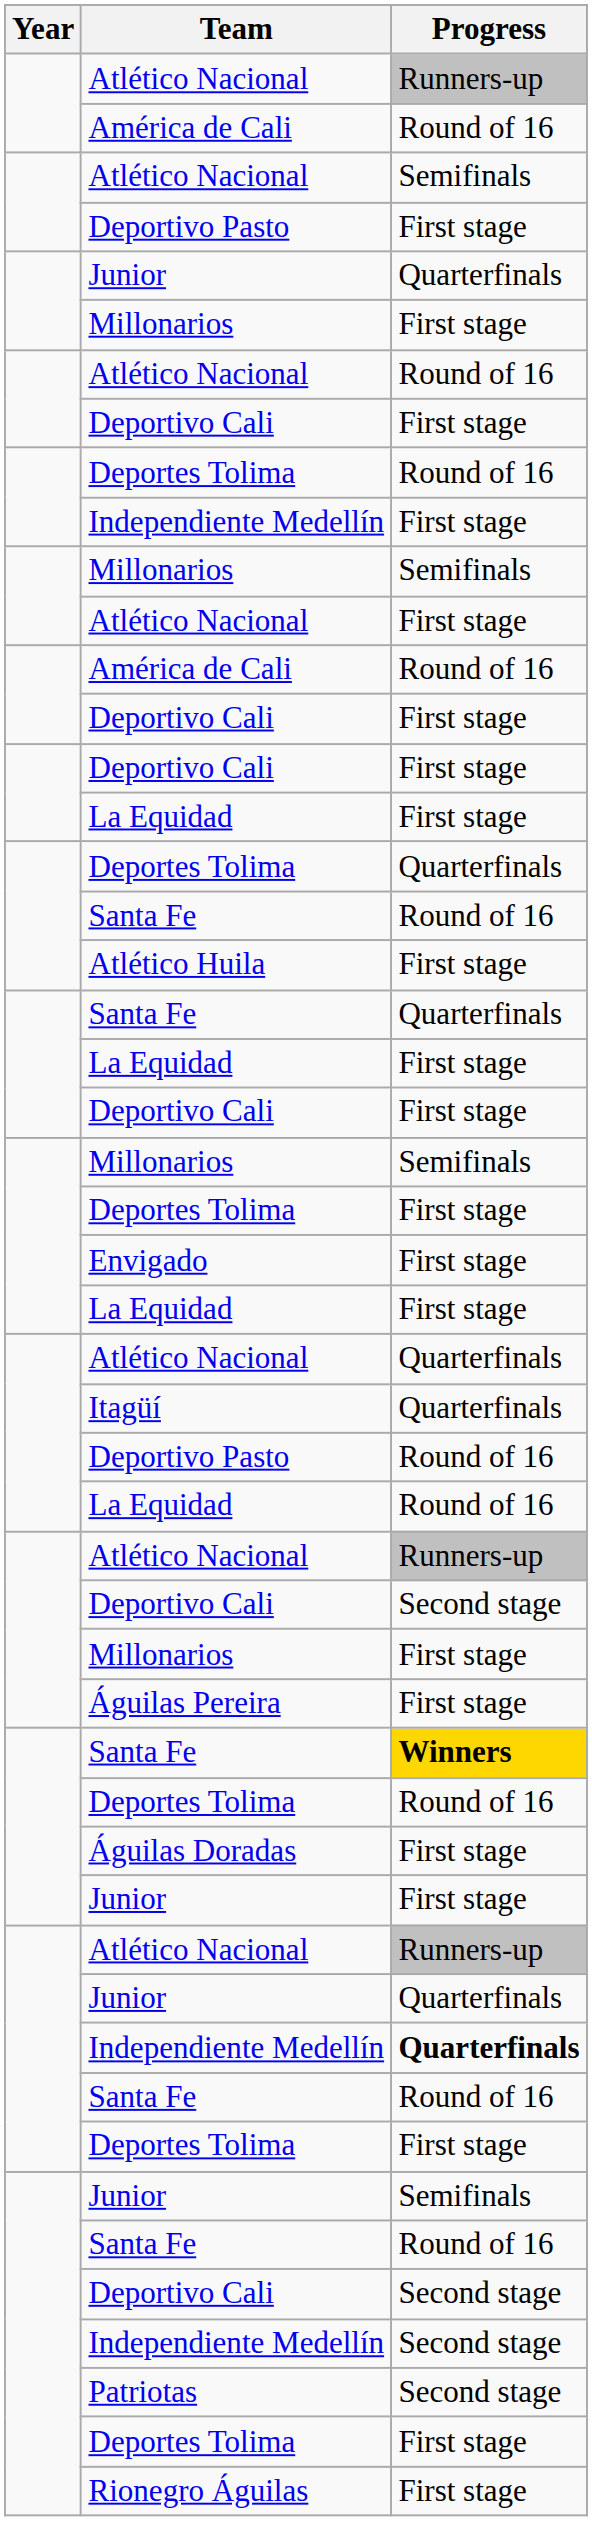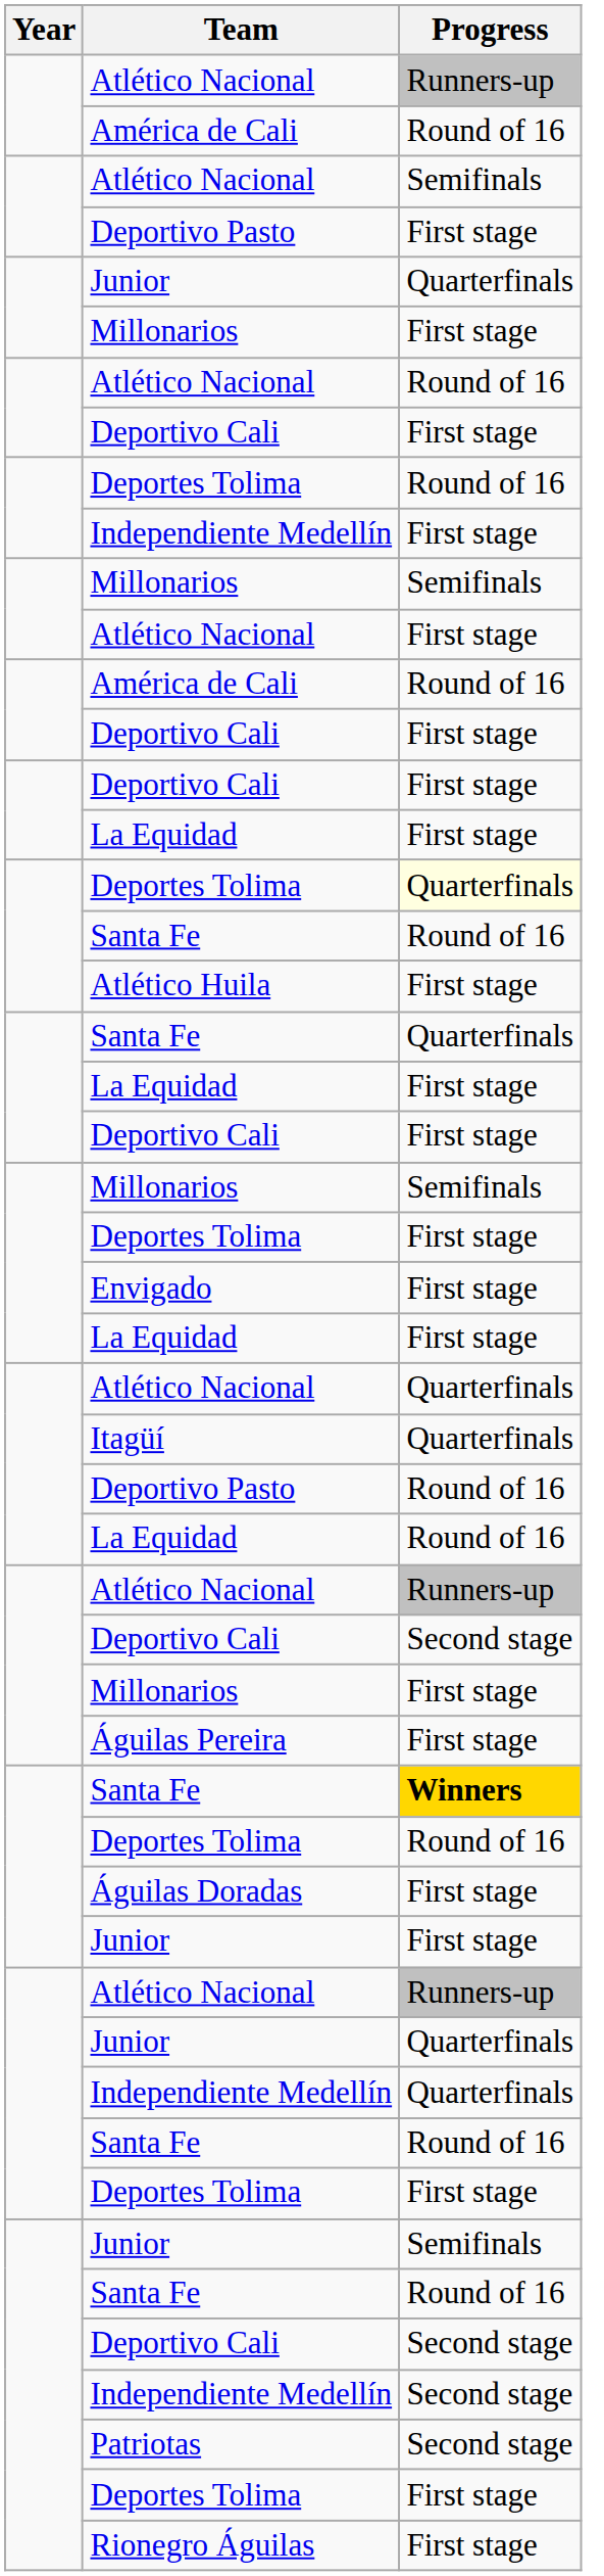 <table class="wikitable">
 <tr>
 <th>Year</th>
 <th>Team</th>
 <th>Progress</th>
 </tr>
 <tr align=left>
 <td rowspan=2></td>
 <td><a href='#'>Atlético Nacional</a></td>
 <td bgcolor="Silver">Runners-up</td>
 </tr>
 <tr align=left>
 <td><a href='#'>América de Cali</a></td>
 <td>Round of 16</td>
 </tr>
 <tr align=left>
 <td rowspan=2></td>
 <td><a href='#'>Atlético Nacional</a></td>
 <td>Semifinals</td>
 </tr>
 <tr align=left>
 <td><a href='#'>Deportivo Pasto</a></td>
 <td>First stage</td>
 </tr>
 <tr align=left>
 <td rowspan=2></td>
 <td><a href='#'>Junior</a></td>
 <td>Quarterfinals</td>
 </tr>
 <tr align=left>
 <td><a href='#'>Millonarios</a></td>
 <td>First stage</td>
 </tr>
 <tr align=left>
 <td rowspan=2></td>
 <td><a href='#'>Atlético Nacional</a></td>
 <td>Round of 16</td>
 </tr>
 <tr align=left>
 <td><a href='#'>Deportivo Cali</a></td>
 <td>First stage</td>
 </tr>
 <tr align=left>
 <td rowspan=2></td>
 <td><a href='#'>Deportes Tolima</a></td>
 <td>Round of 16</td>
 </tr>
 <tr align=left>
 <td><a href='#'>Independiente Medellín</a></td>
 <td>First stage</td>
 </tr>
 <tr align=left>
 <td rowspan=2></td>
 <td><a href='#'>Millonarios</a></td>
 <td>Semifinals</td>
 </tr>
 <tr align=left>
 <td><a href='#'>Atlético Nacional</a></td>
 <td>First stage</td>
 </tr>
 <tr align=left>
 <td rowspan=2></td>
 <td><a href='#'>América de Cali</a></td>
 <td>Round of 16</td>
 </tr>
 <tr align=left>
 <td><a href='#'>Deportivo Cali</a></td>
 <td>First stage</td>
 </tr>
 <tr align=left>
 <td rowspan=2></td>
 <td><a href='#'>Deportivo Cali</a></td>
 <td>First stage</td>
 </tr>
 <tr align=left>
 <td><a href='#'>La Equidad</a></td>
 <td>First stage</td>
 </tr>
 <tr align=left>
 <td rowspan=3></td>
 <td><a href='#'>Deportes Tolima</a></td>
-<td>Quarterfinals</td>
+<td style="background: lightyellow;">Quarterfinals</td>
 </tr>
 <tr align=left>
 <td><a href='#'>Santa Fe</a></td>
 <td>Round of 16</td>
 </tr>
 <tr align=left>
 <td><a href='#'>Atlético Huila</a></td>
 <td>First stage</td>
 </tr>
 <tr align=left>
 <td rowspan=3></td>
 <td><a href='#'>Santa Fe</a></td>
 <td>Quarterfinals</td>
 </tr>
 <tr align=left>
 <td><a href='#'>La Equidad</a></td>
 <td>First stage</td>
 </tr>
 <tr align=left>
 <td><a href='#'>Deportivo Cali</a></td>
 <td>First stage</td>
 </tr>
 <tr align=left>
 <td rowspan=4></td>
 <td><a href='#'>Millonarios</a></td>
 <td>Semifinals</td>
 </tr>
 <tr align=left>
 <td><a href='#'>Deportes Tolima</a></td>
 <td>First stage</td>
 </tr>
 <tr align=left>
 <td><a href='#'>Envigado</a></td>
 <td>First stage</td>
 </tr>
 <tr align=left>
 <td><a href='#'>La Equidad</a></td>
 <td>First stage</td>
 </tr>
 <tr align=left>
 <td rowspan=4></td>
 <td><a href='#'>Atlético Nacional</a></td>
 <td>Quarterfinals</td>
 </tr>
 <tr align=left>
 <td><a href='#'>Itagüí</a></td>
 <td>Quarterfinals</td>
 </tr>
 <tr align=left>
 <td><a href='#'>Deportivo Pasto</a></td>
 <td>Round of 16</td>
 </tr>
 <tr align=left>
 <td><a href='#'>La Equidad</a></td>
 <td>Round of 16</td>
 </tr>
 <tr align=left>
 <td rowspan=4></td>
 <td><a href='#'>Atlético Nacional</a></td>
 <td bgcolor="Silver">Runners-up</td>
 </tr>
 <tr align=left>
 <td><a href='#'>Deportivo Cali</a></td>
 <td>Second stage</td>
 </tr>
 <tr align=left>
 <td><a href='#'>Millonarios</a></td>
 <td>First stage</td>
 </tr>
 <tr align=left>
 <td><a href='#'>Águilas Pereira</a></td>
 <td>First stage</td>
 </tr>
 <tr align=left>
 <td rowspan=4></td>
 <td><a href='#'>Santa Fe</a></td>
 <td bgcolor="gold"><strong>Winners</strong></td>
 </tr>
 <tr align=left>
 <td><a href='#'>Deportes Tolima</a></td>
 <td>Round of 16</td>
 </tr>
 <tr align=left>
 <td><a href='#'>Águilas Doradas</a></td>
 <td>First stage</td>
 </tr>
 <tr align=left>
 <td><a href='#'>Junior</a></td>
 <td>First stage</td>
 </tr>
 <tr align=left>
 <td rowspan=5></td>
 <td><a href='#'>Atlético Nacional</a></td>
 <td bgcolor="Silver">Runners-up</td>
 </tr>
 <tr align=left>
 <td><a href='#'>Junior</a></td>
 <td>Quarterfinals</td>
 </tr>
 <tr align=left>
 <td><a href='#'>Independiente Medellín</a></td>
-<td><strong>Quarterfinals</strong></td>
+<td>Quarterfinals</td>
 </tr>
 <tr align=left>
 <td><a href='#'>Santa Fe</a></td>
 <td>Round of 16</td>
 </tr>
 <tr align=left>
 <td><a href='#'>Deportes Tolima</a></td>
 <td>First stage</td>
 </tr>
 <tr align=left>
 <td rowspan=7></td>
 <td><a href='#'>Junior</a></td>
 <td>Semifinals</td>
 </tr>
 <tr align=left>
 <td><a href='#'>Santa Fe</a></td>
 <td>Round of 16</td>
 </tr>
 <tr align=left>
 <td><a href='#'>Deportivo Cali</a></td>
 <td>Second stage</td>
 </tr>
 <tr align=left>
 <td><a href='#'>Independiente Medellín</a></td>
 <td>Second stage</td>
 </tr>
 <tr align=left>
 <td><a href='#'>Patriotas</a></td>
 <td>Second stage</td>
 </tr>
 <tr align=left>
 <td><a href='#'>Deportes Tolima</a></td>
 <td>First stage</td>
 </tr>
 <tr align=left>
 <td><a href='#'>Rionegro Águilas</a></td>
 <td>First stage</td>
 </tr>
 </table>
